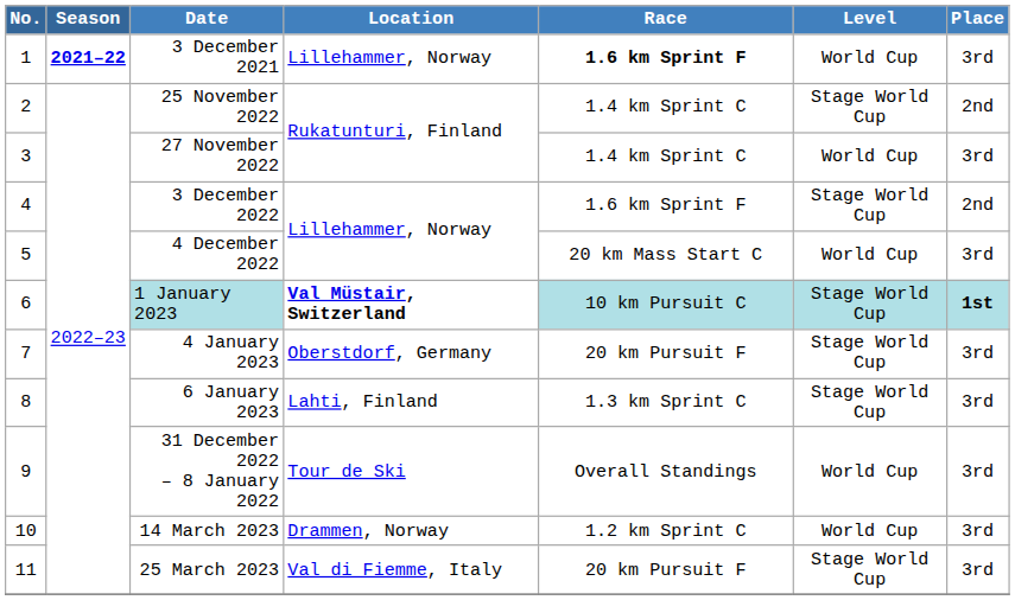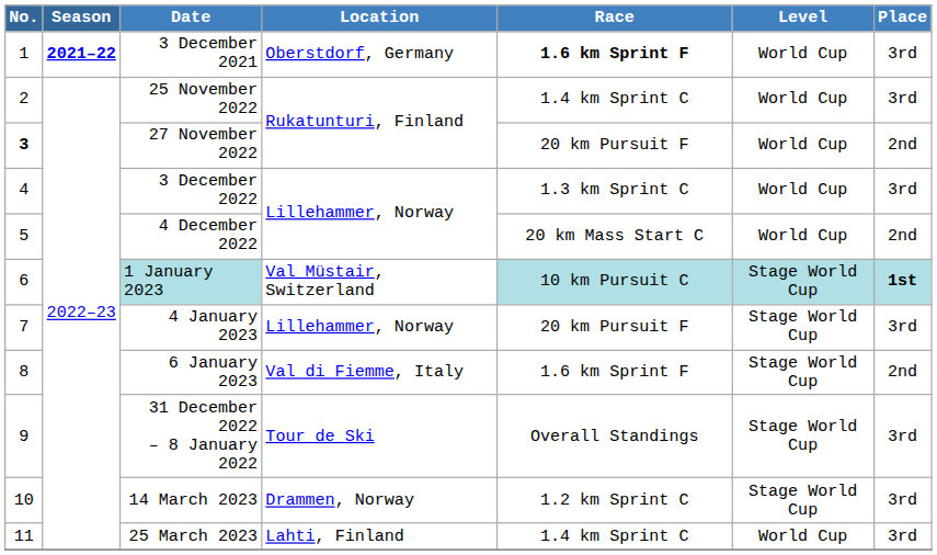 <table class="wikitable sortable" style="font-size:95%; text-align:center; border:grey solid 1px; border-collapse:collapse; background:#ffffff;">
 <tr style="background:#efefef;">
 <th style="background-color:#369; color:white;">No.</th>
 <th style="background-color:#369; color:white;">Season</th>
 <th style="background-color:#4180be; color:white; width:100px;">Date</th>
 <th style="background-color:#4180be; color:white; width:170px;">Location</th>
 <th style="background-color:#4180be; color:white; width:170px;">Race</th>
 <th style="background-color:#4180be; color:white; width:100px;">Level</th>
 <th style="background-color:#4180be; color:white;">Place</th>
 </tr>
 <tr>
 <td align=center>1</td>
 <td rowspan=1 align=center><strong><a href='#'>2021–22</a></strong></td>
 <td align= right>3 December 2021</td>
-<td align=left> <a href='#'>Lillehammer</a>, Norway</td>
+<td align=left> <a href='#'>Oberstdorf</a>, Germany</td>
 <td><strong>1.6 km Sprint F</strong></td>
 <td>World Cup</td>
 <td>3rd</td>
 </tr>
 <tr>
 <td align=center>2</td>
 <td rowspan=10 align=center><a href='#'>2022–23</a></td>
 <td align=right>25 November 2022</td>
 <td rowspan=2 align=left> <a href='#'>Rukatunturi</a>, Finland</td>
 <td>1.4 km Sprint C</td>
-<td>Stage World Cup</td>
-<td>2nd</td>
+<td>World Cup</td>
+<td>3rd</td>
 </tr>
 <tr>
-<td align=center>3</td>
+<td align=center><strong>3</strong></td>
 <td align=right>27 November 2022</td>
-<td>1.4 km Sprint C</td>
+<td>20 km Pursuit F</td>
 <td>World Cup</td>
-<td>3rd</td>
+<td>2nd</td>
 </tr>
 <tr>
 <td align=center>4</td>
 <td align=right>3 December 2022</td>
 <td rowspan=2 align=left> <a href='#'>Lillehammer</a>, Norway</td>
-<td>1.6 km Sprint F</td>
-<td>Stage World Cup</td>
-<td>2nd</td>
+<td>1.3 km Sprint C</td>
+<td>World Cup</td>
+<td>3rd</td>
 </tr>
 <tr>
 <td align=center>5</td>
 <td align=right>4 December 2022</td>
 <td>20 km Mass Start C</td>
 <td>World Cup</td>
-<td>3rd</td>
+<td>2nd</td>
 </tr>
 <tr>
 <td align=center>6</td>
 <td align=left bgcolor="#BOEOE6" align=right>1 January 2023</td>
-<td align=left><strong> <a href='#'>Val Müstair</a>, Switzerland</strong></td>
+<td align=left> <a href='#'>Val Müstair</a>, Switzerland</td>
 <td bgcolor="#BOEOE6" align=center>10 km Pursuit C</td>
 <td bgcolor="#BOEOE6">Stage World Cup</td>
 <td bgcolor="#BOEOE6"><strong>1st</strong></td>
 </tr>
 <tr>
 <td align=center>7</td>
 <td align=right>4 January 2023</td>
-<td align=left> <a href='#'>Oberstdorf</a>, Germany</td>
+<td align=left> <a href='#'>Lillehammer</a>, Norway</td>
 <td>20 km Pursuit F</td>
 <td>Stage World Cup</td>
 <td>3rd</td>
 </tr>
 <tr>
 <td align=center>8</td>
 <td align=right>6 January 2023</td>
-<td align=left> <a href='#'>Lahti</a>, Finland</td>
-<td>1.3 km Sprint C</td>
+<td align=left> <a href='#'>Val di Fiemme</a>, Italy</td>
+<td>1.6 km Sprint F</td>
 <td>Stage World Cup</td>
-<td>3rd</td>
+<td>2nd</td>
 </tr>
 <tr>
 <td align=center>9</td>
 <td align=right>31 December 2022<br>– 8 January 2022</td>
 <td align=left> <a href='#'>Tour de Ski</a></td>
 <td>Overall Standings</td>
-<td>World Cup</td>
+<td>Stage World Cup</td>
 <td>3rd</td>
 </tr>
 <tr>
 <td align=center>10</td>
 <td align=right>14 March 2023</td>
 <td align=left> <a href='#'>Drammen</a>, Norway</td>
 <td>1.2 km Sprint C</td>
-<td>World Cup</td>
+<td>Stage World Cup</td>
 <td>3rd</td>
 </tr>
 <tr>
 <td align=center>11</td>
 <td align=right>25 March 2023</td>
-<td align=left> <a href='#'>Val di Fiemme</a>, Italy</td>
-<td>20 km Pursuit F</td>
-<td>Stage World Cup</td>
+<td align=left> <a href='#'>Lahti</a>, Finland</td>
+<td>1.4 km Sprint C</td>
+<td>World Cup</td>
 <td>3rd</td>
 </tr>
 <tr>
 </tr>
 </table>
